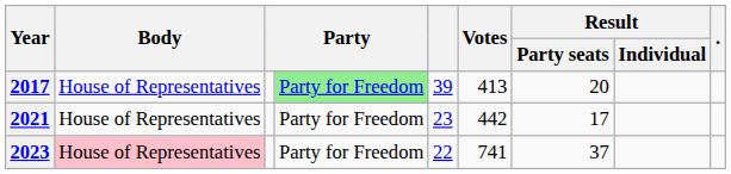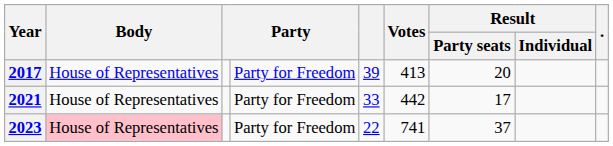 <table class="wikitable plainrowheaders sortable" border=2 cellpadding=4 cellspacing=0 style="border: 1px #aaa solid; font-size: 90%; text-align:center;">
 <tr>
 <th scope="col" rowspan=2>Year</th>
 <th scope="col" rowspan=2>Body</th>
 <th scope="col" colspan=2 rowspan=2>Party</th>
 <th scope="col" rowspan=2></th>
 <th scope="col" rowspan=2>Votes</th>
 <th scope="colgroup" colspan=2>Result</th>
 <th scope="col" rowspan=2 class="unsortable">.</th>
 </tr>
 <tr>
 <th scope="col">Party seats</th>
 <th scope="col">Individual</th>
 </tr>
 <tr>
 <th scope="row"><a href='#'>2017</a></th>
 <td><a href='#'>House of Representatives</a></td>
 <td style="background-color:"></td>
-<td style="background: lightgreen;"><a href='#'>Party for Freedom</a></td>
+<td><a href='#'>Party for Freedom</a></td>
 <td style=text-align:right><a href='#'>39</a></td>
 <td style=text-align:right>413</td>
 <td style=text-align:right>20</td>
 <td></td>
 <td></td>
 </tr>
 <tr>
 <th scope="row"><a href='#'>2021</a></th>
 <td>House of Representatives</td>
 <td style="background-color:"></td>
 <td>Party for Freedom</td>
-<td style=text-align:right><a href='#'>23</a></td>
+<td style=text-align:right><a href='#'>33</a></td>
 <td style=text-align:right>442</td>
 <td style=text-align:right>17</td>
 <td></td>
 <td></td>
 </tr>
 <tr>
 <th scope="row"><a href='#'>2023</a></th>
 <td style="background: pink;">House of Representatives</td>
 <td style="background-color:"></td>
 <td>Party for Freedom</td>
 <td style=text-align:right><a href='#'>22</a></td>
 <td style=text-align:right>741</td>
 <td style=text-align:right>37</td>
 <td></td>
 <td></td>
 </tr>
 </table>
